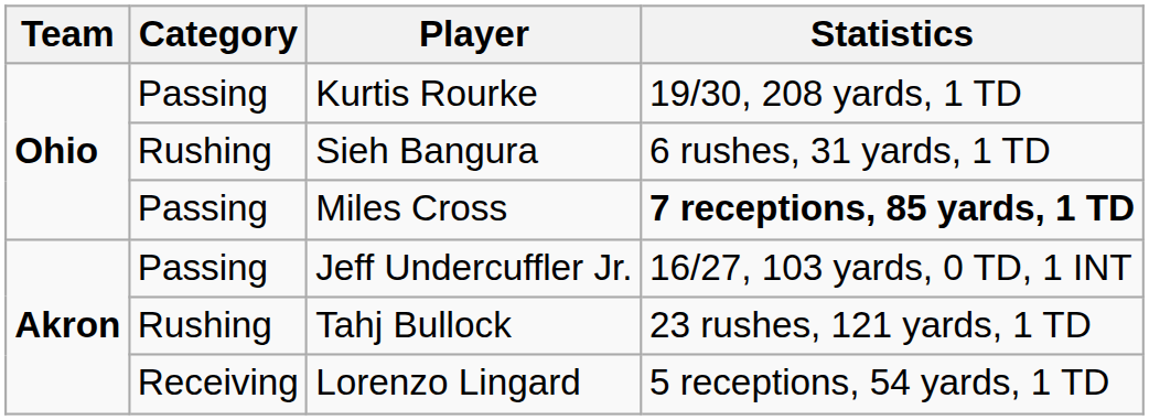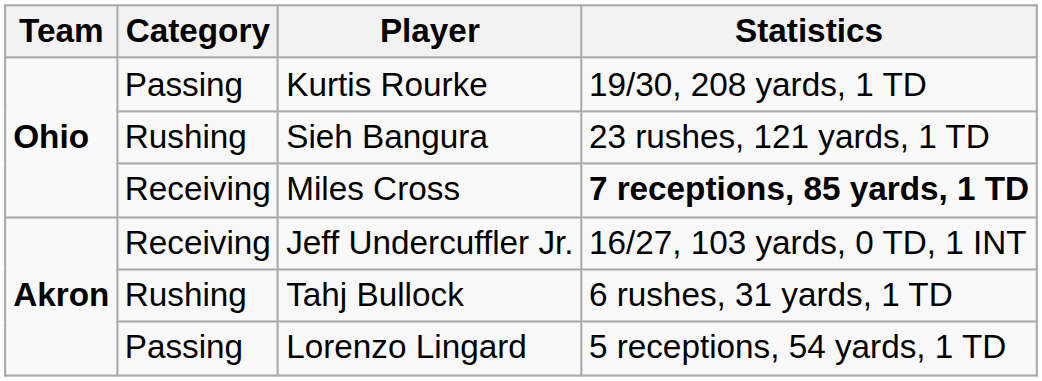 <table class="wikitable" style="float: right;">
 <tr>
 <th>Team</th>
 <th>Category</th>
 <th>Player</th>
 <th>Statistics</th>
 </tr>
 <tr>
 <td rowspan=3><strong>Ohio</strong></td>
 <td>Passing</td>
 <td>Kurtis Rourke</td>
 <td>19/30, 208 yards, 1 TD</td>
 </tr>
 <tr>
 <td>Rushing</td>
 <td>Sieh Bangura</td>
-<td>6 rushes, 31 yards, 1 TD</td>
+<td>23 rushes, 121 yards, 1 TD</td>
 </tr>
 <tr>
-<td>Passing</td>
+<td>Receiving</td>
 <td>Miles Cross</td>
 <td><strong>7 receptions, 85 yards, 1 TD</strong></td>
 </tr>
 <tr>
 <td rowspan=3><strong>Akron</strong></td>
-<td>Passing</td>
+<td>Receiving</td>
 <td>Jeff Undercuffler Jr.</td>
 <td>16/27, 103 yards, 0 TD, 1 INT</td>
 </tr>
 <tr>
 <td>Rushing</td>
 <td>Tahj Bullock</td>
-<td>23 rushes, 121 yards, 1 TD</td>
+<td>6 rushes, 31 yards, 1 TD</td>
 </tr>
 <tr>
-<td>Receiving</td>
+<td>Passing</td>
 <td>Lorenzo Lingard</td>
 <td>5 receptions, 54 yards, 1 TD</td>
 </tr>
 </table>
